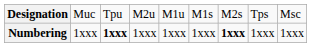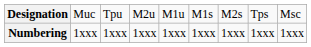 <table class="wikitable">
 <tr>
 <th>Designation</th>
 <td>Muc</td>
 <td>Tpu</td>
 <td>M2u</td>
 <td>M1u</td>
 <td>M1s</td>
 <td>M2s</td>
 <td>Tps</td>
 <td>Msc</td>
 </tr>
 <tr>
 <th>Numbering</th>
 <td>1xxx</td>
-<td><strong>1xxx</strong></td>
 <td>1xxx</td>
 <td>1xxx</td>
 <td>1xxx</td>
-<td><strong>1xxx</strong></td>
+<td>1xxx</td>
+<td>1xxx</td>
 <td>1xxx</td>
 <td>1xxx</td>
 </tr>
 </table>
